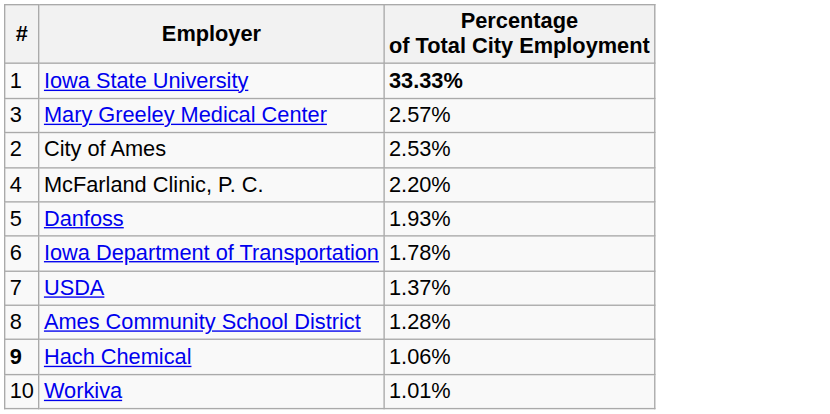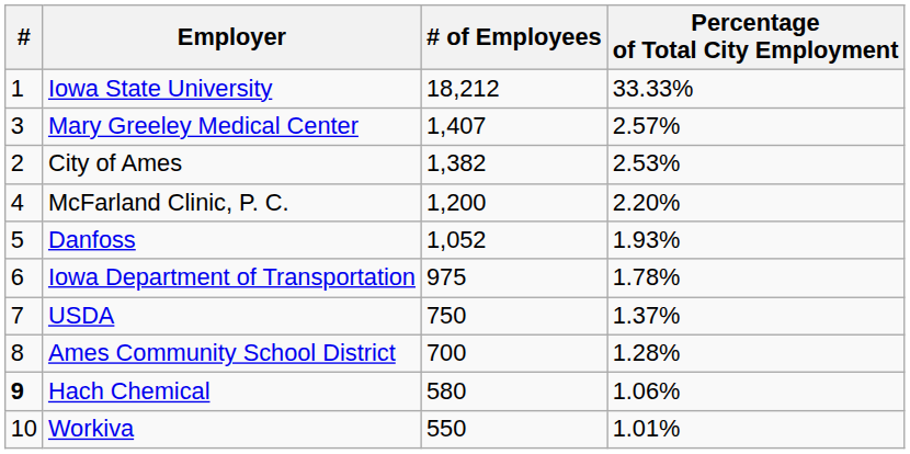 <table class="wikitable">
 <tr>
 <th>#</th>
 <th>Employer</th>
+<th># of Employees</th>
 <th>Percentage<br>of Total City Employment</th>
 </tr>
 <tr>
 <td>1</td>
 <td><a href='#'>Iowa State University</a></td>
-<td><strong>33.33%</strong></td>
+<td>18,212</td>
+<td>33.33%</td>
 </tr>
 <tr>
 <td>3</td>
 <td><a href='#'>Mary Greeley Medical Center</a></td>
+<td>1,407</td>
 <td>2.57%</td>
 </tr>
 <tr>
 <td>2</td>
 <td>City of Ames</td>
+<td>1,382</td>
 <td>2.53%</td>
 </tr>
 <tr>
 <td>4</td>
 <td>McFarland Clinic, P. C.</td>
+<td>1,200</td>
 <td>2.20%</td>
 </tr>
 <tr>
 <td>5</td>
 <td><a href='#'>Danfoss</a></td>
+<td>1,052</td>
 <td>1.93%</td>
 </tr>
 <tr>
 <td>6</td>
 <td><a href='#'>Iowa Department of Transportation</a></td>
+<td>975</td>
 <td>1.78%</td>
 </tr>
 <tr>
 <td>7</td>
 <td><a href='#'>USDA</a></td>
+<td>750</td>
 <td>1.37%</td>
 </tr>
 <tr>
 <td>8</td>
 <td><a href='#'>Ames Community School District</a></td>
+<td>700</td>
 <td>1.28%</td>
 </tr>
 <tr>
 <td><strong>9</strong></td>
 <td><a href='#'>Hach Chemical</a></td>
+<td>580</td>
 <td>1.06%</td>
 </tr>
 <tr>
 <td>10</td>
 <td><a href='#'>Workiva</a></td>
+<td>550</td>
 <td>1.01%</td>
 </tr>
 </table>
